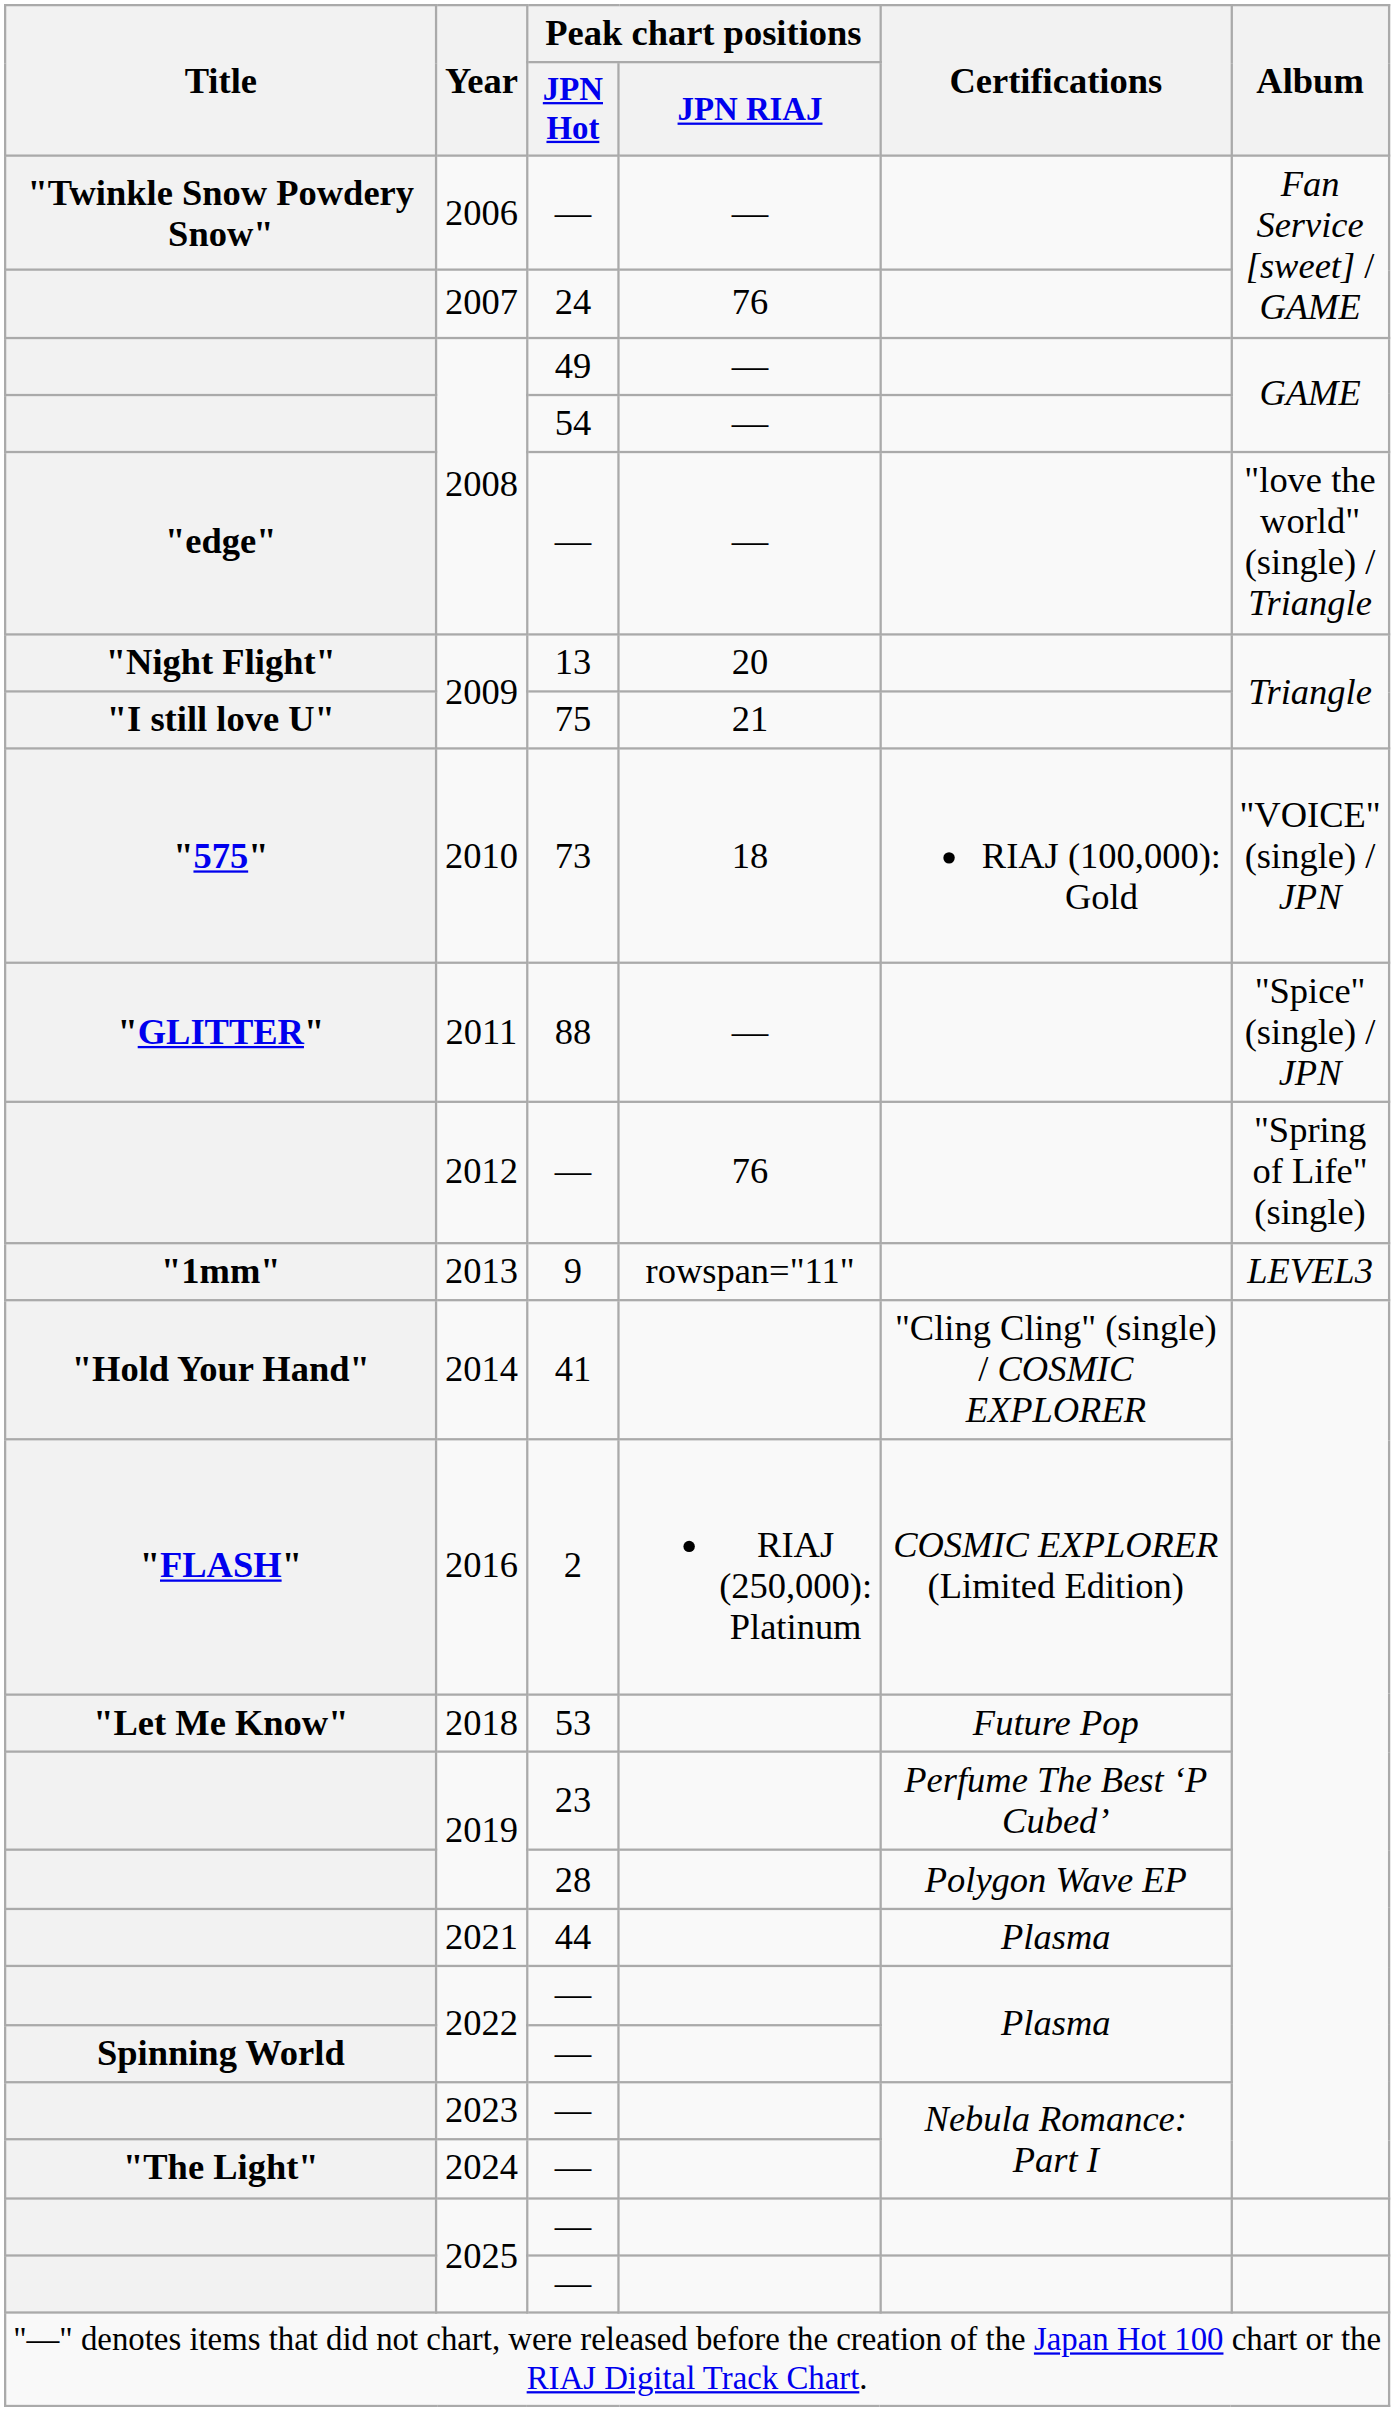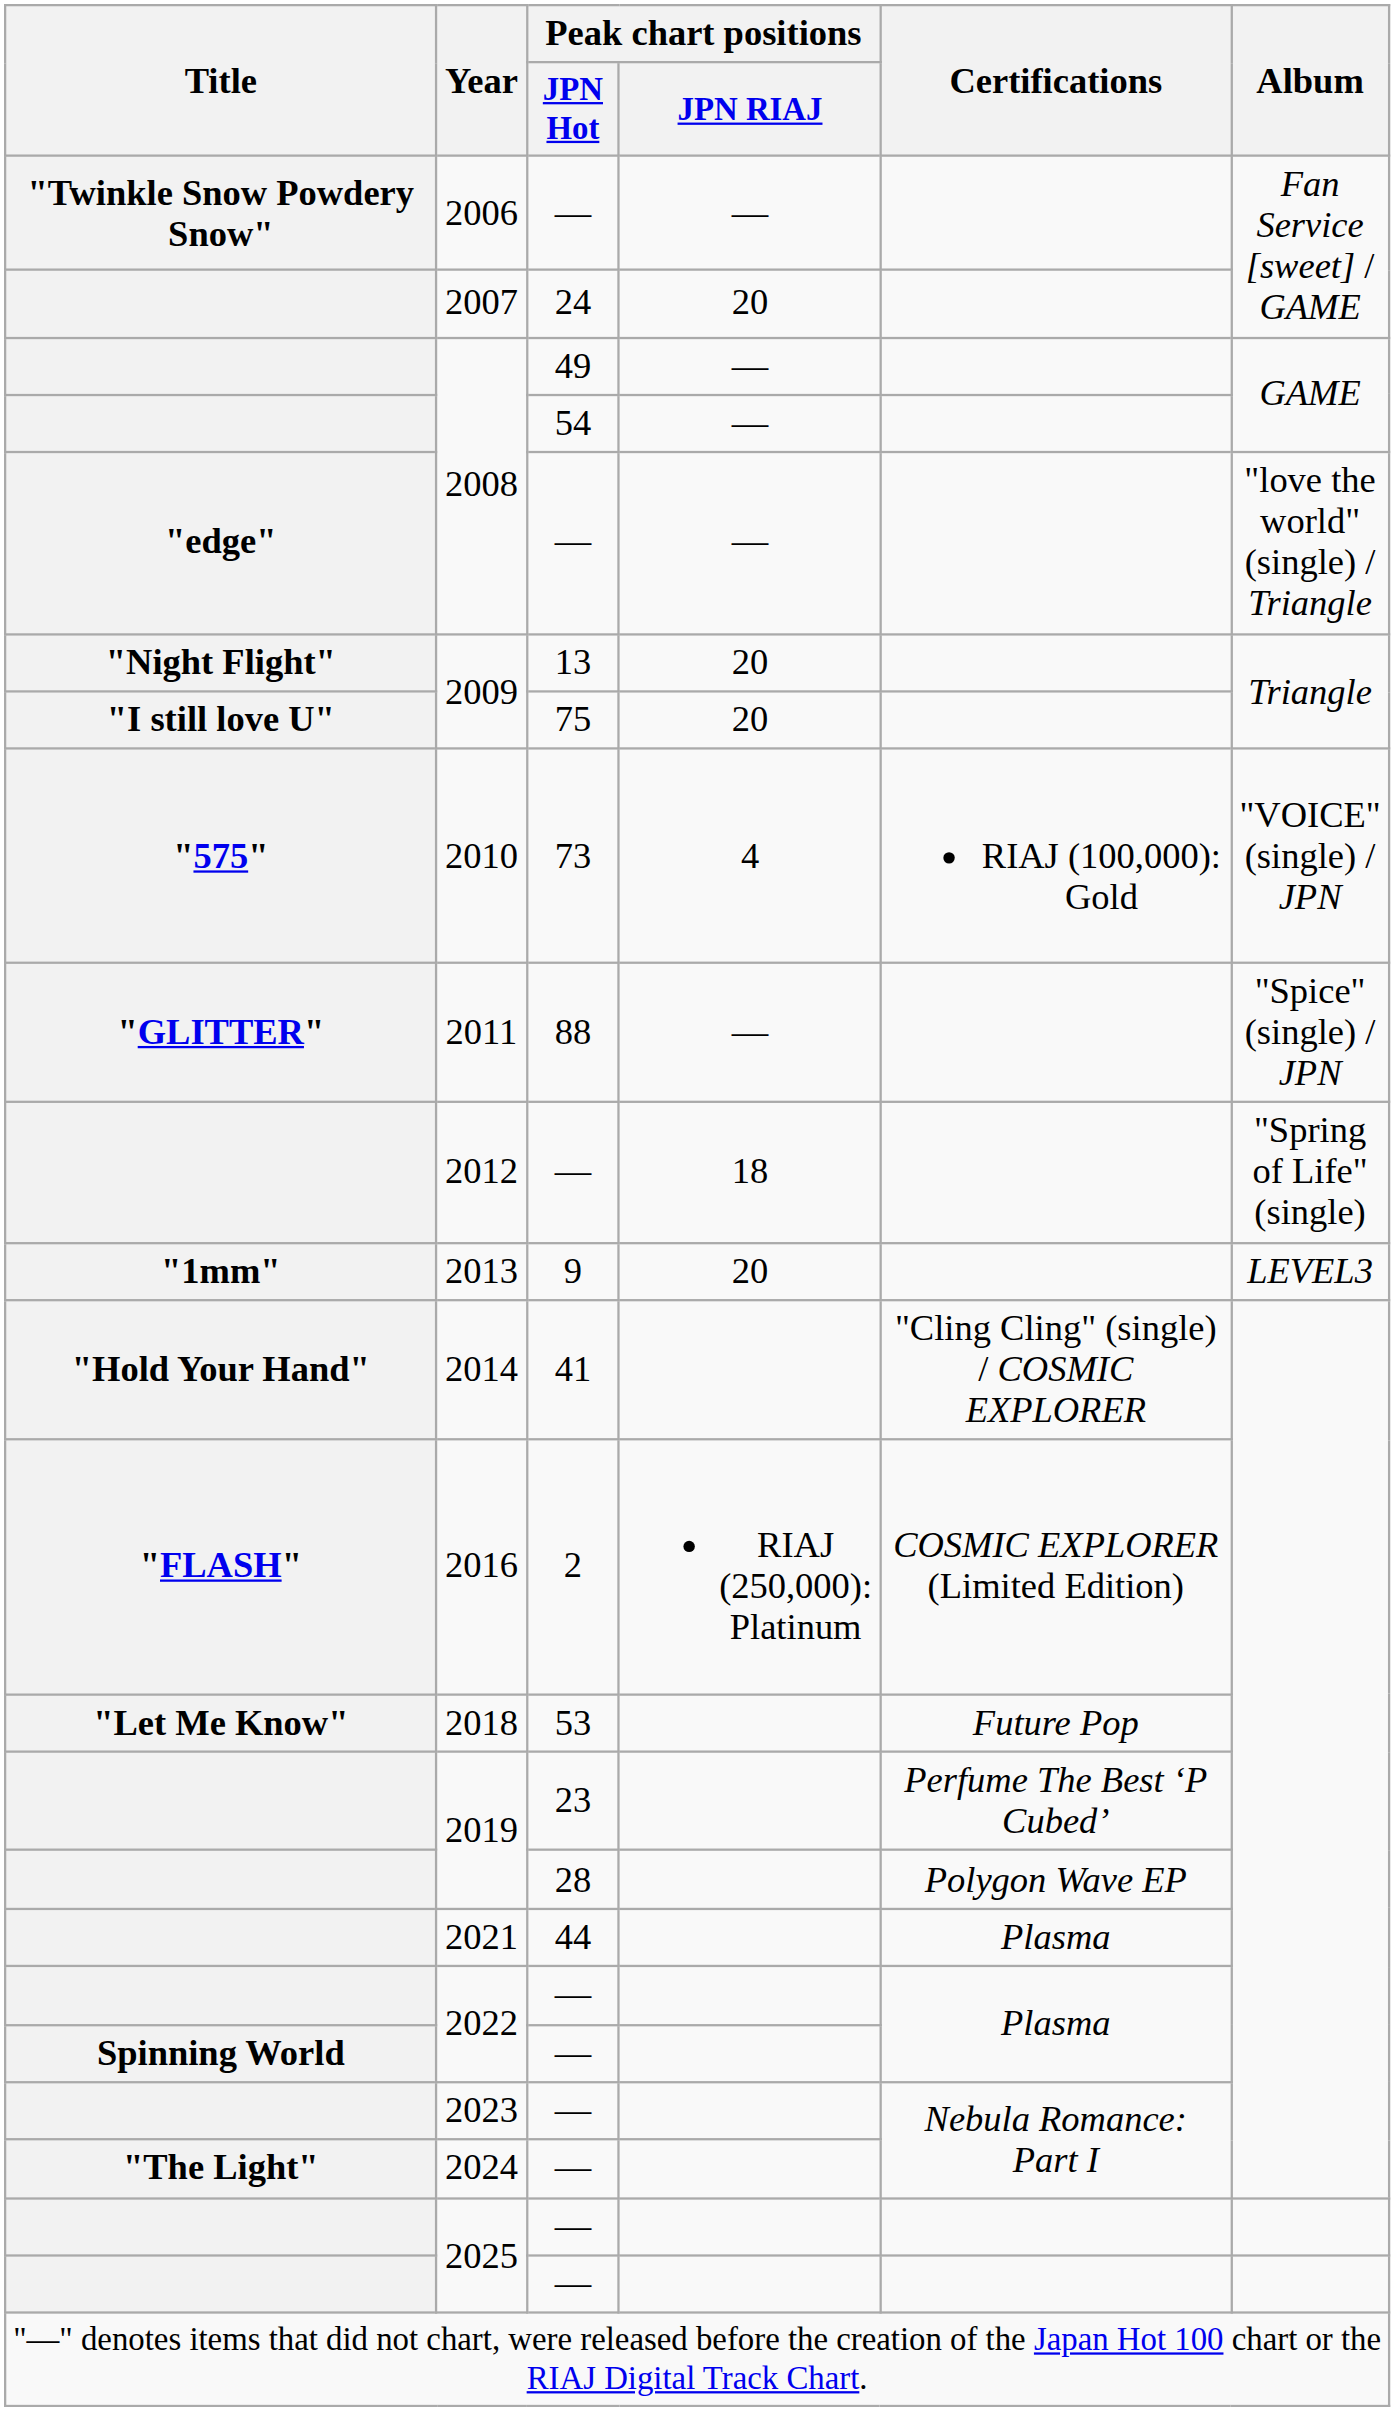 <table class="wikitable plainrowheaders" style="text-align:center;">
 <tr>
 <th scope="col" rowspan="2" style="width:18em;">Title</th>
 <th scope="col" rowspan="2">Year</th>
 <th scope="col" colspan="2">Peak chart positions</th>
 <th scope="col" rowspan="2" style="width:12em;">Certifications</th>
 <th scope="col" rowspan="2">Album</th>
 </tr>
 <tr>
 <th scope="col" style="width:3em;font-size:90%;"><a href='#'>JPN Hot</a><br></th>
 <th scope="col" style="width:3em;font-size:90%;"><a href='#'>JPN RIAJ</a><br></th>
 </tr>
 <tr>
 <th scope="row">"Twinkle Snow Powdery Snow" </th>
 <td>2006</td>
 <td>—</td>
 <td>—</td>
 <td></td>
 <td rowspan="2"><em>Fan Service [sweet]</em> / <em>GAME</em></td>
 </tr>
 <tr>
 <th scope="row"></th>
 <td>2007</td>
 <td>24</td>
-<td>76</td>
+<td>20</td>
 <td></td>
 </tr>
 <tr>
 <th scope="row"></th>
 <td rowspan="3">2008</td>
 <td>49</td>
 <td>—</td>
 <td></td>
 <td rowspan="2"><em>GAME</em></td>
 </tr>
 <tr>
 <th scope="row"></th>
 <td>54</td>
 <td>—</td>
 <td></td>
 </tr>
 <tr>
 <th scope="row">"edge"</th>
 <td>—</td>
 <td>—</td>
 <td></td>
 <td>"love the world" <span>(single)</span> / <em>Triangle</em></td>
 </tr>
 <tr>
 <th scope="row">"Night Flight"</th>
 <td rowspan="2">2009</td>
 <td>13</td>
 <td>20</td>
 <td></td>
 <td rowspan="2"><em>Triangle</em></td>
 </tr>
 <tr>
 <th scope="row">"I still love U"</th>
 <td>75</td>
-<td>21</td>
+<td>20</td>
 <td></td>
 </tr>
 <tr>
 <th scope="row">"<a href='#'>575</a>"</th>
 <td>2010</td>
 <td>73</td>
-<td>18</td>
+<td>4</td>
 <td><br><ul><li>RIAJ <span>(100,000)</span>: Gold</li></ul></td>
 <td>"VOICE" <span>(single)</span> / <em>JPN</em></td>
 </tr>
 <tr>
 <th scope="row">"<a href='#'>GLITTER</a>"</th>
 <td>2011</td>
 <td>88</td>
 <td>—</td>
 <td></td>
 <td>"Spice" <span>(single)</span> / <em>JPN</em></td>
 </tr>
 <tr>
 <th scope="row"></th>
 <td>2012</td>
 <td>—</td>
-<td>76</td>
+<td>18</td>
 <td></td>
 <td>"Spring of Life" <span>(single)</span></td>
 </tr>
 <tr>
 <th scope="row">"1mm"</th>
 <td>2013</td>
 <td>9</td>
-<td>rowspan="11" </td>
+<td>20</td>
 <td></td>
 <td><em>LEVEL3</em></td>
 </tr>
 <tr>
 <th scope="row">"Hold Your Hand"</th>
 <td>2014</td>
 <td>41</td>
 <td></td>
 <td>"Cling Cling" <span>(single)</span> / <em>COSMIC EXPLORER</em></td>
 </tr>
 <tr>
 <th scope="row">"<a href='#'>FLASH</a>"</th>
 <td>2016</td>
 <td>2</td>
 <td><br><ul><li>RIAJ <span>(250,000)</span>: Platinum</li></ul></td>
 <td><em>COSMIC EXPLORER</em> (Limited Edition)</td>
 </tr>
 <tr>
 <th scope="row">"Let Me Know"</th>
 <td>2018</td>
 <td>53</td>
 <td></td>
 <td><em>Future Pop</em></td>
 </tr>
 <tr>
 <th scope="row"></th>
 <td rowspan="2">2019</td>
 <td>23</td>
 <td></td>
 <td><em>Perfume The Best ‘P Cubed’</em></td>
 </tr>
 <tr>
 <th scope="row"></th>
 <td>28</td>
 <td></td>
 <td><em>Polygon Wave EP</em></td>
 </tr>
 <tr>
 <th scope="row"></th>
 <td>2021</td>
 <td>44</td>
 <td></td>
 <td><em>Plasma</em></td>
 </tr>
 <tr>
 <th scope="row"></th>
 <td rowspan="2">2022</td>
 <td>—</td>
 <td></td>
 <td rowspan="2"><em>Plasma</em></td>
 </tr>
 <tr>
 <th scope="row">Spinning World</th>
 <td>—</td>
 <td></td>
 </tr>
 <tr>
 <th scope="row"></th>
 <td>2023</td>
 <td>—</td>
 <td></td>
 <td rowspan="2"><em>Nebula Romance: Part I</em></td>
 </tr>
 <tr>
 <th scope="row">"The Light"</th>
 <td>2024</td>
 <td>—</td>
 <td></td>
 </tr>
 <tr>
 <th scope="row"></th>
 <td rowspan="2">2025</td>
 <td>—</td>
 <td></td>
 <td></td>
 <td></td>
 </tr>
 <tr>
 <th scope="row"></th>
 <td>—</td>
 <td></td>
 <td></td>
 <td></td>
 </tr>
 <tr>
 <td colspan="12" align="center" style="font-size:90%;">"—" denotes items that did not chart, were released before the creation of the <a href='#'>Japan Hot 100</a> chart or the <a href='#'>RIAJ Digital Track Chart</a>.</td>
 </tr>
 </table>
